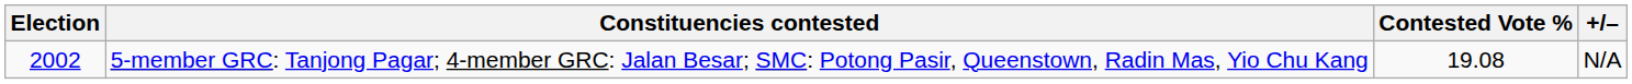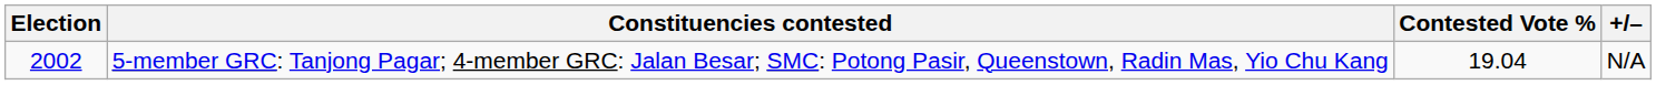 <table class="wikitable" style="text-align: center">
 <tr>
 <th>Election</th>
 <th>Constituencies contested</th>
 <th>Contested Vote %</th>
 <th>+/–</th>
 </tr>
 <tr>
 <td><a href='#'>2002</a></td>
 <td><u><a href='#'>5-member GRC</a></u>: <a href='#'>Tanjong Pagar</a>; <u>4-member GRC</u>: <a href='#'>Jalan Besar</a>; <u><a href='#'>SMC</a></u>: <a href='#'>Potong Pasir</a>, <a href='#'>Queenstown</a>, <a href='#'>Radin Mas</a>, <a href='#'>Yio Chu Kang</a></td>
-<td>19.08</td>
+<td>19.04</td>
 <td>N/A</td>
 </tr>
 </table>
